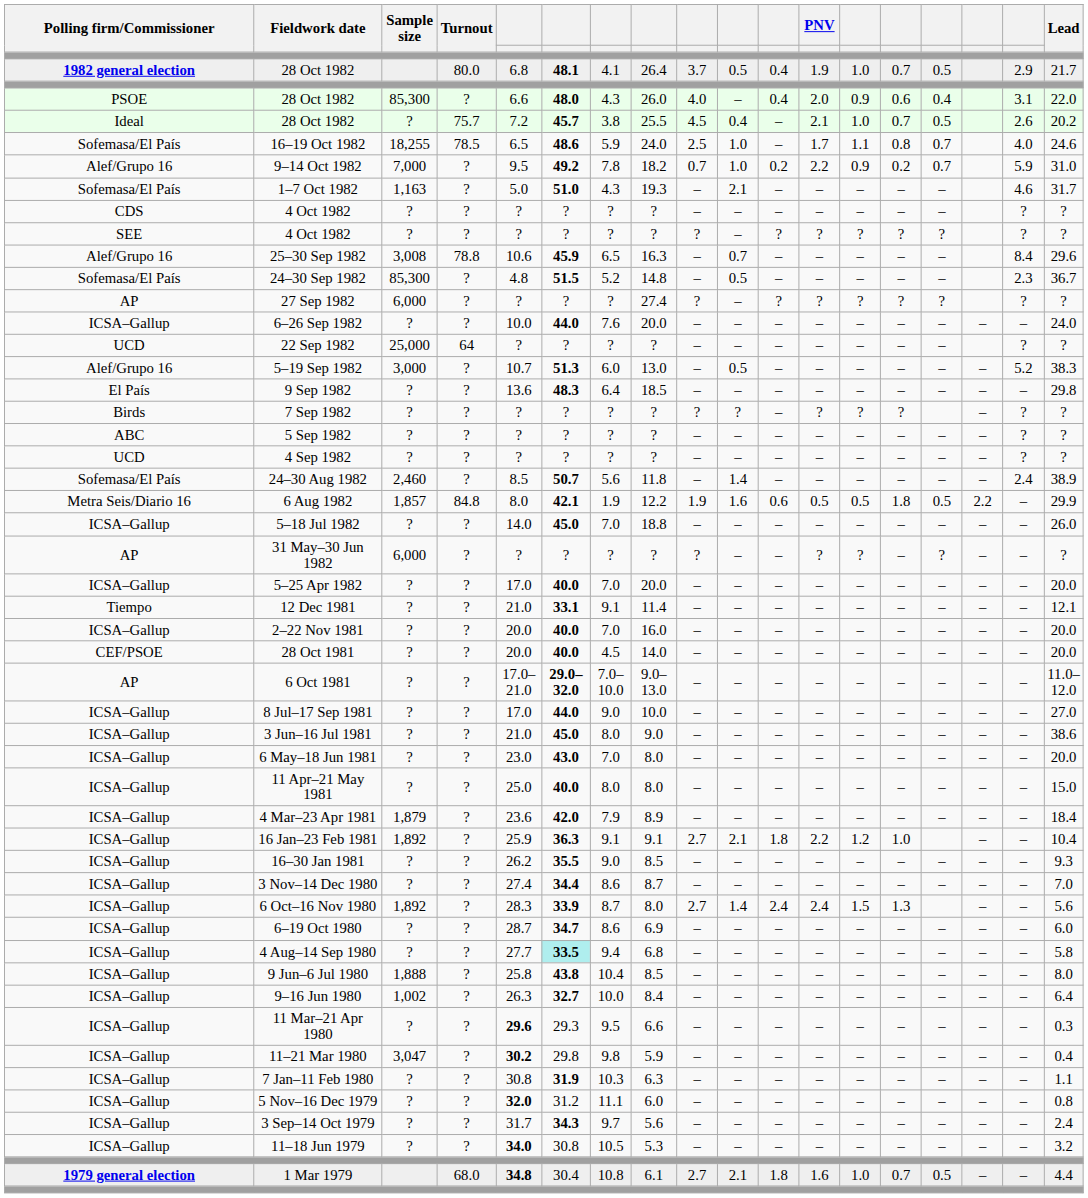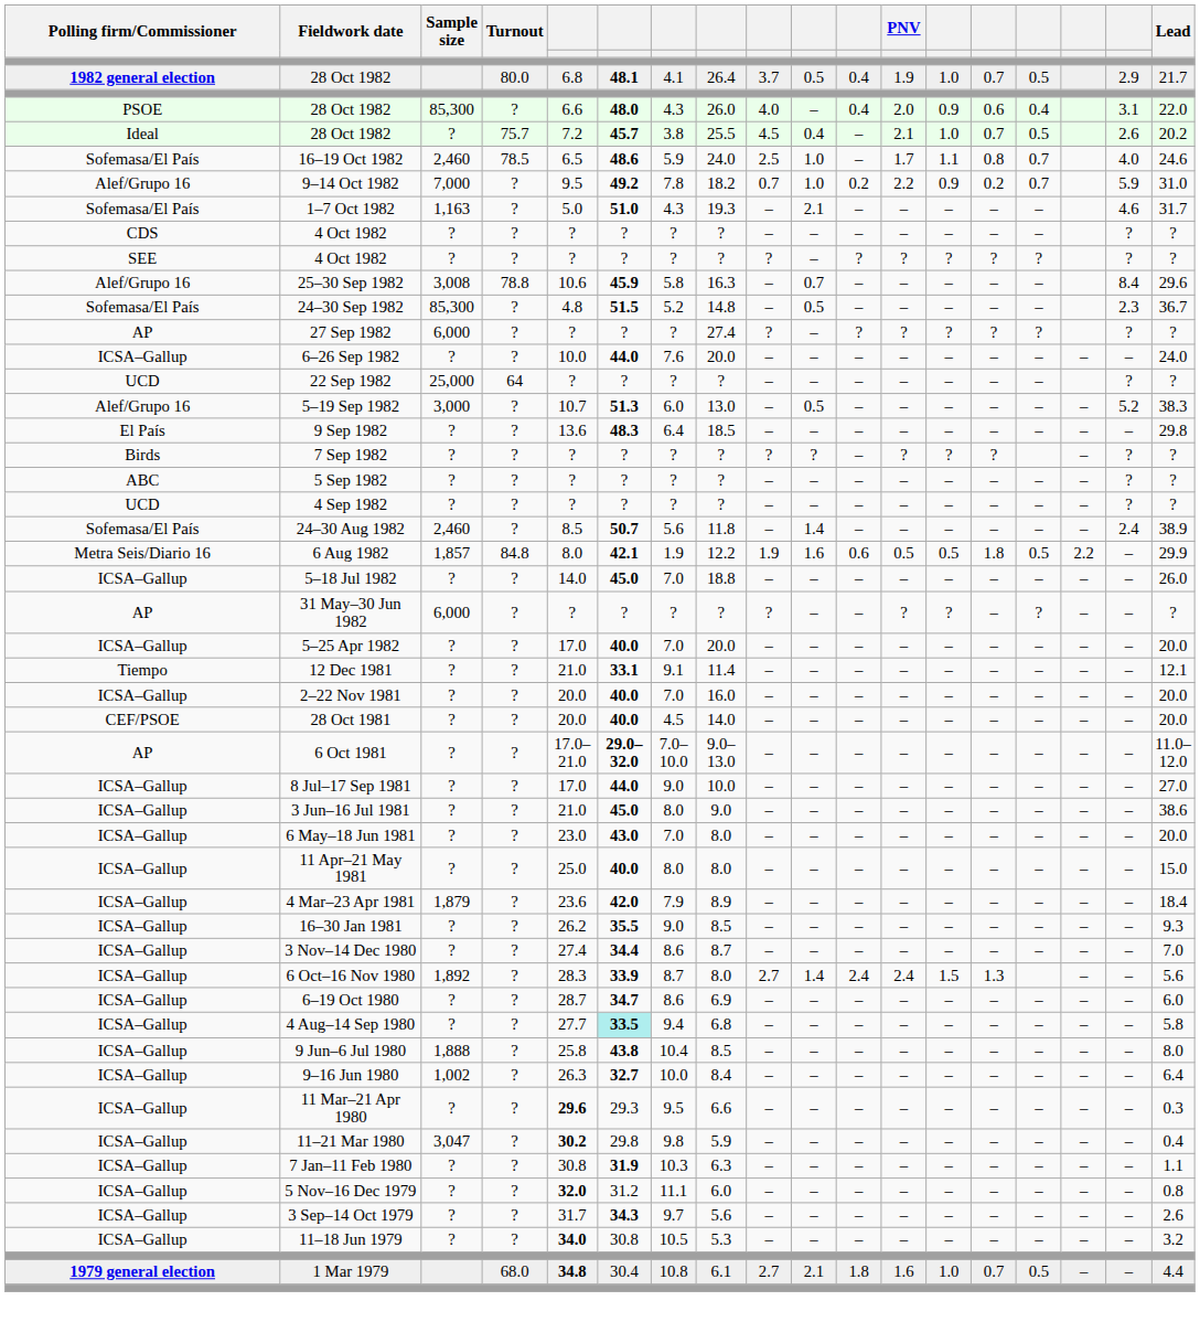 <table class="wikitable collapsible" style="text-align:center; font-size:95%; line-height:16px;">
 <tr style="height:42px;">
 <th style="width:250px;" rowspan="2">Polling firm/Commissioner</th>
 <th style="width:125px;" rowspan="2">Fieldwork date</th>
 <th style="width:50px;" rowspan="2">Sample size</th>
 <th style="width:45px;" rowspan="2">Turnout</th>
 <th style="width:40px;"></th>
 <th style="width:43px;"></th>
 <th style="width:35px;"></th>
 <th style="width:40px;"></th>
 <th style="width:35px;"></th>
 <th style="width:35px;"></th>
 <th style="width:35px;"></th>
 <th style="width:35px;"><a href='#'>PNV</a></th>
 <th style="width:35px;"></th>
 <th style="width:35px;"></th>
 <th style="width:35px;"></th>
 <th style="width:35px;"></th>
 <th style="width:35px;"></th>
 <th style="width:30px;" rowspan="2">Lead</th>
 </tr>
 <tr>
 <th style="color:inherit;background:"></th>
 <th style="color:inherit;background:"></th>
 <th style="color:inherit;background:"></th>
 <th style="color:inherit;background:"></th>
 <th style="color:inherit;background:"></th>
 <th style="color:inherit;background:"></th>
 <th style="color:inherit;background:"></th>
 <th style="color:inherit;background:"></th>
 <th style="color:inherit;background:"></th>
 <th style="color:inherit;background:"></th>
 <th style="color:inherit;background:"></th>
 <th style="color:inherit;background:"></th>
 <th style="color:inherit;background:"></th>
 </tr>
 <tr>
 <td colspan="18" style="background:#A0A0A0"></td>
 </tr>
 <tr style="background:#EFEFEF;">
 <td><strong><a href='#'>1982 general election</a></strong></td>
 <td>28 Oct 1982</td>
 <td></td>
 <td>80.0</td>
 <td>6.8<br></td>
 <td><strong>48.1</strong><br></td>
 <td>4.1<br></td>
 <td>26.4<br></td>
 <td>3.7<br></td>
 <td>0.5<br></td>
 <td>0.4<br></td>
 <td>1.9<br></td>
 <td>1.0<br></td>
 <td>0.7<br></td>
 <td>0.5<br></td>
 <td></td>
 <td>2.9<br></td>
 <td style="background:">21.7</td>
 </tr>
 <tr>
 <td colspan="18" style="background:#A0A0A0"></td>
 </tr>
 <tr style="background:#EAFFEA;">
 <td>PSOE</td>
 <td>28 Oct 1982</td>
 <td>85,300</td>
 <td>?</td>
 <td>6.6<br></td>
 <td><strong>48.0</strong><br></td>
 <td>4.3<br></td>
 <td>26.0<br></td>
 <td>4.0<br></td>
 <td>–</td>
 <td>0.4<br></td>
 <td>2.0<br></td>
 <td>0.9<br></td>
 <td>0.6<br></td>
 <td>0.4<br></td>
 <td></td>
 <td>3.1<br></td>
 <td style="background:">22.0</td>
 </tr>
 <tr style="background:#EAFFEA;">
 <td>Ideal</td>
 <td>28 Oct 1982</td>
 <td>?</td>
 <td>75.7</td>
 <td>7.2<br></td>
 <td><strong>45.7</strong><br></td>
 <td>3.8<br></td>
 <td>25.5<br></td>
 <td>4.5<br></td>
 <td>0.4<br></td>
 <td>–</td>
 <td>2.1<br></td>
 <td>1.0<br></td>
 <td>0.7<br></td>
 <td>0.5<br></td>
 <td></td>
 <td>2.6<br></td>
 <td style="background:">20.2</td>
 </tr>
 <tr>
 <td>Sofemasa/El País</td>
 <td>16–19 Oct 1982</td>
-<td>18,255</td>
+<td>2,460</td>
 <td>78.5</td>
 <td>6.5<br></td>
 <td><strong>48.6</strong><br></td>
 <td>5.9<br></td>
 <td>24.0<br></td>
 <td>2.5<br></td>
 <td>1.0<br></td>
 <td>–</td>
 <td>1.7<br></td>
 <td>1.1<br></td>
 <td>0.8<br></td>
 <td>0.7<br></td>
 <td></td>
 <td>4.0<br></td>
 <td style="background:">24.6</td>
 </tr>
 <tr>
 <td>Alef/Grupo 16</td>
 <td>9–14 Oct 1982</td>
 <td>7,000</td>
 <td>?</td>
 <td>9.5<br></td>
 <td><strong>49.2</strong><br></td>
 <td>7.8<br></td>
 <td>18.2<br></td>
 <td>0.7<br></td>
 <td>1.0<br></td>
 <td>0.2<br></td>
 <td>2.2<br></td>
 <td>0.9<br></td>
 <td>0.2<br></td>
 <td>0.7<br></td>
 <td></td>
 <td>5.9<br></td>
 <td style="background:">31.0</td>
 </tr>
 <tr>
 <td>Sofemasa/El País</td>
 <td>1–7 Oct 1982</td>
 <td>1,163</td>
 <td>?</td>
 <td>5.0</td>
 <td><strong>51.0</strong></td>
 <td>4.3</td>
 <td>19.3</td>
 <td>–</td>
 <td>2.1</td>
 <td>–</td>
 <td>–</td>
 <td>–</td>
 <td>–</td>
 <td>–</td>
 <td></td>
 <td>4.6</td>
 <td style="background:">31.7</td>
 </tr>
 <tr>
 <td>CDS</td>
 <td>4 Oct 1982</td>
 <td>?</td>
 <td>?</td>
 <td>?<br></td>
 <td>?<br></td>
 <td>?<br></td>
 <td>?<br></td>
 <td>–</td>
 <td>–</td>
 <td>–</td>
 <td>–</td>
 <td>–</td>
 <td>–</td>
 <td>–</td>
 <td></td>
 <td>?<br></td>
 <td style="background:">?</td>
 </tr>
 <tr>
 <td>SEE</td>
 <td>4 Oct 1982</td>
 <td>?</td>
 <td>?</td>
 <td>?<br></td>
 <td>?<br></td>
 <td>?<br></td>
 <td>?<br></td>
 <td>?<br></td>
 <td>–</td>
 <td>?<br></td>
 <td>?<br></td>
 <td>?<br></td>
 <td>?<br></td>
 <td>?<br></td>
 <td></td>
 <td>?<br></td>
 <td style="background:">?</td>
 </tr>
 <tr>
 <td>Alef/Grupo 16</td>
 <td>25–30 Sep 1982</td>
 <td>3,008</td>
 <td>78.8</td>
 <td>10.6</td>
 <td><strong>45.9</strong></td>
-<td>6.5</td>
+<td>5.8</td>
 <td>16.3</td>
 <td>–</td>
 <td>0.7</td>
 <td>–</td>
 <td>–</td>
 <td>–</td>
 <td>–</td>
 <td>–</td>
 <td></td>
 <td>8.4</td>
 <td style="background:">29.6</td>
 </tr>
 <tr>
 <td>Sofemasa/El País</td>
 <td>24–30 Sep 1982</td>
 <td>85,300</td>
 <td>?</td>
 <td>4.8</td>
 <td><strong>51.5</strong></td>
 <td>5.2</td>
 <td>14.8</td>
 <td>–</td>
 <td>0.5</td>
 <td>–</td>
 <td>–</td>
 <td>–</td>
 <td>–</td>
 <td>–</td>
 <td></td>
 <td>2.3</td>
 <td style="background:">36.7</td>
 </tr>
 <tr>
 <td>AP</td>
 <td>27 Sep 1982</td>
 <td>6,000</td>
 <td>?</td>
 <td>?<br></td>
 <td>?<br></td>
 <td>?<br></td>
 <td>27.4<br></td>
 <td>?<br></td>
 <td>–</td>
 <td>?<br></td>
 <td>?<br></td>
 <td>?<br></td>
 <td>?<br></td>
 <td>?<br></td>
 <td></td>
 <td>?<br></td>
 <td style="background:">?</td>
 </tr>
 <tr>
 <td>ICSA–Gallup</td>
 <td>6–26 Sep 1982</td>
 <td>?</td>
 <td>?</td>
 <td>10.0</td>
 <td><strong>44.0</strong></td>
 <td>7.6</td>
 <td>20.0</td>
 <td>–</td>
 <td>–</td>
 <td>–</td>
 <td>–</td>
 <td>–</td>
 <td>–</td>
 <td>–</td>
 <td>–</td>
 <td>–</td>
 <td style="background:">24.0</td>
 </tr>
 <tr>
 <td>UCD</td>
 <td>22 Sep 1982</td>
 <td>25,000</td>
 <td>64</td>
 <td>?<br></td>
 <td>?<br></td>
 <td>?<br></td>
 <td>?<br></td>
 <td>–</td>
 <td>–</td>
 <td>–</td>
 <td>–</td>
 <td>–</td>
 <td>–</td>
 <td>–</td>
 <td></td>
 <td>?<br></td>
 <td style="background:">?</td>
 </tr>
 <tr>
 <td>Alef/Grupo 16</td>
 <td>5–19 Sep 1982</td>
 <td>3,000</td>
 <td>?</td>
 <td>10.7</td>
 <td><strong>51.3</strong></td>
 <td>6.0</td>
 <td>13.0</td>
 <td>–</td>
 <td>0.5</td>
 <td>–</td>
 <td>–</td>
 <td>–</td>
 <td>–</td>
 <td>–</td>
 <td>–</td>
 <td>5.2</td>
 <td style="background:">38.3</td>
 </tr>
 <tr>
 <td>El País</td>
 <td>9 Sep 1982</td>
 <td>?</td>
 <td>?</td>
 <td>13.6</td>
 <td><strong>48.3</strong></td>
 <td>6.4</td>
 <td>18.5</td>
 <td>–</td>
 <td>–</td>
 <td>–</td>
 <td>–</td>
 <td>–</td>
 <td>–</td>
 <td>–</td>
 <td>–</td>
 <td>–</td>
 <td style="background:">29.8</td>
 </tr>
 <tr>
 <td>Birds</td>
 <td>7 Sep 1982</td>
 <td>?</td>
 <td>?</td>
 <td>?<br></td>
 <td>?<br></td>
 <td>?<br></td>
 <td>?<br></td>
 <td>?<br></td>
 <td>?<br></td>
 <td>–</td>
 <td>?<br></td>
 <td>?<br></td>
 <td>?<br></td>
 <td></td>
 <td>–</td>
 <td>?<br></td>
 <td style="background:">?</td>
 </tr>
 <tr>
 <td>ABC</td>
 <td>5 Sep 1982</td>
 <td>?</td>
 <td>?</td>
 <td>?<br></td>
 <td>?<br></td>
 <td>?<br></td>
 <td>?<br></td>
 <td>–</td>
 <td>–</td>
 <td>–</td>
 <td>–</td>
 <td>–</td>
 <td>–</td>
 <td>–</td>
 <td>–</td>
 <td>?<br></td>
 <td style="background:">?</td>
 </tr>
 <tr>
 <td>UCD</td>
 <td>4 Sep 1982</td>
 <td>?</td>
 <td>?</td>
 <td>?<br></td>
 <td>?<br></td>
 <td>?<br></td>
 <td>?<br></td>
 <td>–</td>
 <td>–</td>
 <td>–</td>
 <td>–</td>
 <td>–</td>
 <td>–</td>
 <td>–</td>
 <td>–</td>
 <td>?<br></td>
 <td style="background:">?</td>
 </tr>
 <tr>
 <td>Sofemasa/El País</td>
 <td>24–30 Aug 1982</td>
 <td>2,460</td>
 <td>?</td>
 <td>8.5</td>
 <td><strong>50.7</strong></td>
 <td>5.6</td>
 <td>11.8</td>
 <td>–</td>
 <td>1.4</td>
 <td>–</td>
 <td>–</td>
 <td>–</td>
 <td>–</td>
 <td>–</td>
 <td>–</td>
 <td>2.4</td>
 <td style="background:">38.9</td>
 </tr>
 <tr>
 <td>Metra Seis/Diario 16</td>
 <td>6 Aug 1982</td>
 <td>1,857</td>
 <td>84.8</td>
 <td>8.0</td>
 <td><strong>42.1</strong></td>
 <td>1.9</td>
 <td>12.2</td>
 <td>1.9</td>
 <td>1.6</td>
 <td>0.6</td>
 <td>0.5</td>
 <td>0.5</td>
 <td>1.8</td>
 <td>0.5</td>
 <td>2.2</td>
 <td>–</td>
 <td style="background:">29.9</td>
 </tr>
 <tr>
 <td>ICSA–Gallup</td>
 <td>5–18 Jul 1982</td>
 <td>?</td>
 <td>?</td>
 <td>14.0</td>
 <td><strong>45.0</strong></td>
 <td>7.0</td>
 <td>18.8</td>
 <td>–</td>
 <td>–</td>
 <td>–</td>
 <td>–</td>
 <td>–</td>
 <td>–</td>
 <td>–</td>
 <td>–</td>
 <td>–</td>
 <td style="background:">26.0</td>
 </tr>
 <tr>
 <td>AP</td>
 <td>31 May–30 Jun 1982</td>
 <td>6,000</td>
 <td>?</td>
 <td>?<br></td>
 <td>?<br></td>
 <td>?<br></td>
 <td>?<br></td>
 <td>?<br></td>
 <td>–</td>
 <td>–</td>
 <td>?<br></td>
 <td>?<br></td>
 <td>–</td>
 <td>?<br></td>
 <td>–</td>
 <td>–</td>
 <td style="background:">?</td>
 </tr>
 <tr>
 <td>ICSA–Gallup</td>
 <td>5–25 Apr 1982</td>
 <td>?</td>
 <td>?</td>
 <td>17.0</td>
 <td><strong>40.0</strong></td>
 <td>7.0</td>
 <td>20.0</td>
 <td>–</td>
 <td>–</td>
 <td>–</td>
 <td>–</td>
 <td>–</td>
 <td>–</td>
 <td>–</td>
 <td>–</td>
 <td>–</td>
 <td style="background:">20.0</td>
 </tr>
 <tr>
 <td>Tiempo</td>
 <td>12 Dec 1981</td>
 <td>?</td>
 <td>?</td>
 <td>21.0<br></td>
 <td><strong>33.1</strong><br></td>
 <td>9.1<br></td>
 <td>11.4<br></td>
 <td>–</td>
 <td>–</td>
 <td>–</td>
 <td>–</td>
 <td>–</td>
 <td>–</td>
 <td>–</td>
 <td>–</td>
 <td>–</td>
 <td style="background:">12.1</td>
 </tr>
 <tr>
 <td>ICSA–Gallup</td>
 <td>2–22 Nov 1981</td>
 <td>?</td>
 <td>?</td>
 <td>20.0</td>
 <td><strong>40.0</strong></td>
 <td>7.0</td>
 <td>16.0</td>
 <td>–</td>
 <td>–</td>
 <td>–</td>
 <td>–</td>
 <td>–</td>
 <td>–</td>
 <td>–</td>
 <td>–</td>
 <td>–</td>
 <td style="background:">20.0</td>
 </tr>
 <tr>
 <td>CEF/PSOE</td>
 <td>28 Oct 1981</td>
 <td>?</td>
 <td>?</td>
 <td>20.0</td>
 <td><strong>40.0</strong></td>
 <td>4.5</td>
 <td>14.0</td>
 <td>–</td>
 <td>–</td>
 <td>–</td>
 <td>–</td>
 <td>–</td>
 <td>–</td>
 <td>–</td>
 <td>–</td>
 <td>–</td>
 <td style="background:">20.0</td>
 </tr>
 <tr>
 <td>AP</td>
 <td>6 Oct 1981</td>
 <td>?</td>
 <td>?</td>
 <td>17.0–<br>21.0</td>
 <td><strong>29.0–<br>32.0</strong></td>
 <td>7.0–<br>10.0</td>
 <td>9.0–<br>13.0</td>
 <td>–</td>
 <td>–</td>
 <td>–</td>
 <td>–</td>
 <td>–</td>
 <td>–</td>
 <td>–</td>
 <td>–</td>
 <td>–</td>
 <td style="background:">11.0–<br>12.0</td>
 </tr>
 <tr>
 <td>ICSA–Gallup</td>
 <td>8 Jul–17 Sep 1981</td>
 <td>?</td>
 <td>?</td>
 <td>17.0</td>
 <td><strong>44.0</strong></td>
 <td>9.0</td>
 <td>10.0</td>
 <td>–</td>
 <td>–</td>
 <td>–</td>
 <td>–</td>
 <td>–</td>
 <td>–</td>
 <td>–</td>
 <td>–</td>
 <td>–</td>
 <td style="background:">27.0</td>
 </tr>
 <tr>
 <td>ICSA–Gallup</td>
 <td>3 Jun–16 Jul 1981</td>
 <td>?</td>
 <td>?</td>
 <td>21.0</td>
 <td><strong>45.0</strong></td>
 <td>8.0</td>
 <td>9.0</td>
 <td>–</td>
 <td>–</td>
 <td>–</td>
 <td>–</td>
 <td>–</td>
 <td>–</td>
 <td>–</td>
 <td>–</td>
 <td>–</td>
 <td style="background:">38.6</td>
 </tr>
 <tr>
 <td>ICSA–Gallup</td>
 <td>6 May–18 Jun 1981</td>
 <td>?</td>
 <td>?</td>
 <td>23.0</td>
 <td><strong>43.0</strong></td>
 <td>7.0</td>
 <td>8.0</td>
 <td>–</td>
 <td>–</td>
 <td>–</td>
 <td>–</td>
 <td>–</td>
 <td>–</td>
 <td>–</td>
 <td>–</td>
 <td>–</td>
 <td style="background:">20.0</td>
 </tr>
 <tr>
 <td>ICSA–Gallup</td>
 <td>11 Apr–21 May 1981</td>
 <td>?</td>
 <td>?</td>
 <td>25.0</td>
 <td><strong>40.0</strong></td>
 <td>8.0</td>
 <td>8.0</td>
 <td>–</td>
 <td>–</td>
 <td>–</td>
 <td>–</td>
 <td>–</td>
 <td>–</td>
 <td>–</td>
 <td>–</td>
 <td>–</td>
 <td style="background:">15.0</td>
 </tr>
 <tr>
 <td>ICSA–Gallup</td>
 <td>4 Mar–23 Apr 1981</td>
 <td>1,879</td>
 <td>?</td>
 <td>23.6</td>
 <td><strong>42.0</strong></td>
 <td>7.9</td>
 <td>8.9</td>
 <td>–</td>
 <td>–</td>
 <td>–</td>
 <td>–</td>
 <td>–</td>
 <td>–</td>
 <td>–</td>
 <td>–</td>
 <td>–</td>
 <td style="background:">18.4</td>
 </tr>
 <tr>
 <td>ICSA–Gallup</td>
-<td>16 Jan–23 Feb 1981</td>
-<td>1,892</td>
-<td>?</td>
-<td>25.9</td>
-<td><strong>36.3</strong></td>
-<td>9.1</td>
-<td>9.1</td>
-<td>2.7</td>
-<td>2.1</td>
-<td>1.8</td>
-<td>2.2</td>
-<td>1.2</td>
-<td>1.0</td>
-<td></td>
-<td>–</td>
-<td>–</td>
-<td style="background:">10.4</td>
-</tr>
-<tr>
-<td>ICSA–Gallup</td>
 <td>16–30 Jan 1981</td>
 <td>?</td>
 <td>?</td>
 <td>26.2</td>
 <td><strong>35.5</strong></td>
 <td>9.0</td>
 <td>8.5</td>
 <td>–</td>
 <td>–</td>
 <td>–</td>
 <td>–</td>
 <td>–</td>
 <td>–</td>
 <td>–</td>
 <td>–</td>
 <td>–</td>
 <td style="background:">9.3</td>
 </tr>
 <tr>
 <td>ICSA–Gallup</td>
 <td>3 Nov–14 Dec 1980</td>
 <td>?</td>
 <td>?</td>
 <td>27.4</td>
 <td><strong>34.4</strong></td>
 <td>8.6</td>
 <td>8.7</td>
 <td>–</td>
 <td>–</td>
 <td>–</td>
 <td>–</td>
 <td>–</td>
 <td>–</td>
 <td>–</td>
 <td>–</td>
 <td>–</td>
 <td style="background:">7.0</td>
 </tr>
 <tr>
 <td>ICSA–Gallup</td>
 <td>6 Oct–16 Nov 1980</td>
 <td>1,892</td>
 <td>?</td>
 <td>28.3</td>
 <td><strong>33.9</strong></td>
 <td>8.7</td>
 <td>8.0</td>
 <td>2.7</td>
 <td>1.4</td>
 <td>2.4</td>
 <td>2.4</td>
 <td>1.5</td>
 <td>1.3</td>
 <td></td>
 <td>–</td>
 <td>–</td>
 <td style="background:">5.6</td>
 </tr>
 <tr>
 <td>ICSA–Gallup</td>
 <td>6–19 Oct 1980</td>
 <td>?</td>
 <td>?</td>
 <td>28.7</td>
 <td><strong>34.7</strong></td>
 <td>8.6</td>
 <td>6.9</td>
 <td>–</td>
 <td>–</td>
 <td>–</td>
 <td>–</td>
 <td>–</td>
 <td>–</td>
 <td>–</td>
 <td>–</td>
 <td>–</td>
 <td style="background:">6.0</td>
 </tr>
 <tr>
 <td>ICSA–Gallup</td>
 <td>4 Aug–14 Sep 1980</td>
 <td>?</td>
 <td>?</td>
 <td>27.7</td>
 <td style="background: paleturquoise;"><strong>33.5</strong></td>
 <td>9.4</td>
 <td>6.8</td>
 <td>–</td>
 <td>–</td>
 <td>–</td>
 <td>–</td>
 <td>–</td>
 <td>–</td>
 <td>–</td>
 <td>–</td>
 <td>–</td>
 <td style="background:">5.8</td>
 </tr>
 <tr>
 <td>ICSA–Gallup</td>
 <td>9 Jun–6 Jul 1980</td>
 <td>1,888</td>
 <td>?</td>
 <td>25.8</td>
 <td><strong>43.8</strong></td>
 <td>10.4</td>
 <td>8.5</td>
 <td>–</td>
 <td>–</td>
 <td>–</td>
 <td>–</td>
 <td>–</td>
 <td>–</td>
 <td>–</td>
 <td>–</td>
 <td>–</td>
 <td style="background:">8.0</td>
 </tr>
 <tr>
 <td>ICSA–Gallup</td>
 <td>9–16 Jun 1980</td>
 <td>1,002</td>
 <td>?</td>
 <td>26.3</td>
 <td><strong>32.7</strong></td>
 <td>10.0</td>
 <td>8.4</td>
 <td>–</td>
 <td>–</td>
 <td>–</td>
 <td>–</td>
 <td>–</td>
 <td>–</td>
 <td>–</td>
 <td>–</td>
 <td>–</td>
 <td style="background:">6.4</td>
 </tr>
 <tr>
 <td>ICSA–Gallup</td>
 <td>11 Mar–21 Apr 1980</td>
 <td>?</td>
 <td>?</td>
 <td><strong>29.6</strong></td>
 <td>29.3</td>
 <td>9.5</td>
 <td>6.6</td>
 <td>–</td>
 <td>–</td>
 <td>–</td>
 <td>–</td>
 <td>–</td>
 <td>–</td>
 <td>–</td>
 <td>–</td>
 <td>–</td>
 <td style="background:">0.3</td>
 </tr>
 <tr>
 <td>ICSA–Gallup</td>
 <td>11–21 Mar 1980</td>
 <td>3,047</td>
 <td>?</td>
 <td><strong>30.2</strong></td>
 <td>29.8</td>
 <td>9.8</td>
 <td>5.9</td>
 <td>–</td>
 <td>–</td>
 <td>–</td>
 <td>–</td>
 <td>–</td>
 <td>–</td>
 <td>–</td>
 <td>–</td>
 <td>–</td>
 <td style="background:">0.4</td>
 </tr>
 <tr>
 <td>ICSA–Gallup</td>
 <td>7 Jan–11 Feb 1980</td>
 <td>?</td>
 <td>?</td>
 <td>30.8</td>
 <td><strong>31.9</strong></td>
 <td>10.3</td>
 <td>6.3</td>
 <td>–</td>
 <td>–</td>
 <td>–</td>
 <td>–</td>
 <td>–</td>
 <td>–</td>
 <td>–</td>
 <td>–</td>
 <td>–</td>
 <td style="background:">1.1</td>
 </tr>
 <tr>
 <td>ICSA–Gallup</td>
 <td>5 Nov–16 Dec 1979</td>
 <td>?</td>
 <td>?</td>
 <td><strong>32.0</strong></td>
 <td>31.2</td>
 <td>11.1</td>
 <td>6.0</td>
 <td>–</td>
 <td>–</td>
 <td>–</td>
 <td>–</td>
 <td>–</td>
 <td>–</td>
 <td>–</td>
 <td>–</td>
 <td>–</td>
 <td style="background:">0.8</td>
 </tr>
 <tr>
 <td>ICSA–Gallup</td>
 <td>3 Sep–14 Oct 1979</td>
 <td>?</td>
 <td>?</td>
 <td>31.7</td>
 <td><strong>34.3</strong></td>
 <td>9.7</td>
 <td>5.6</td>
 <td>–</td>
 <td>–</td>
 <td>–</td>
 <td>–</td>
 <td>–</td>
 <td>–</td>
 <td>–</td>
 <td>–</td>
 <td>–</td>
-<td style="background:">2.4</td>
+<td style="background:">2.6</td>
 </tr>
 <tr>
 <td>ICSA–Gallup</td>
 <td>11–18 Jun 1979</td>
 <td>?</td>
 <td>?</td>
 <td><strong>34.0</strong></td>
 <td>30.8</td>
 <td>10.5</td>
 <td>5.3</td>
 <td>–</td>
 <td>–</td>
 <td>–</td>
 <td>–</td>
 <td>–</td>
 <td>–</td>
 <td>–</td>
 <td>–</td>
 <td>–</td>
 <td style="background:">3.2</td>
 </tr>
 <tr>
 <td colspan="18" style="background:#A0A0A0"></td>
 </tr>
 <tr style="background:#EFEFEF;">
 <td><strong><a href='#'>1979 general election</a></strong></td>
 <td>1 Mar 1979</td>
 <td></td>
 <td>68.0</td>
 <td><strong>34.8</strong><br></td>
 <td>30.4<br></td>
 <td>10.8<br></td>
 <td>6.1<br></td>
 <td>2.7<br></td>
 <td>2.1<br></td>
 <td>1.8<br></td>
 <td>1.6<br></td>
 <td>1.0<br></td>
 <td>0.7<br></td>
 <td>0.5<br></td>
 <td>–</td>
 <td>–</td>
 <td style="background:">4.4</td>
 </tr>
 <tr>
 <td colspan="18" style="background:#A0A0A0"></td>
 </tr>
 </table>
